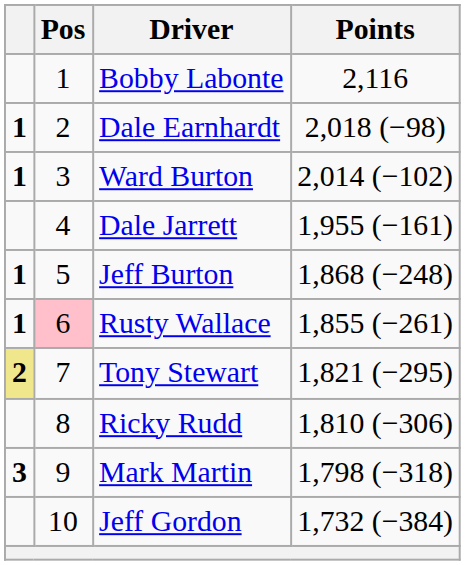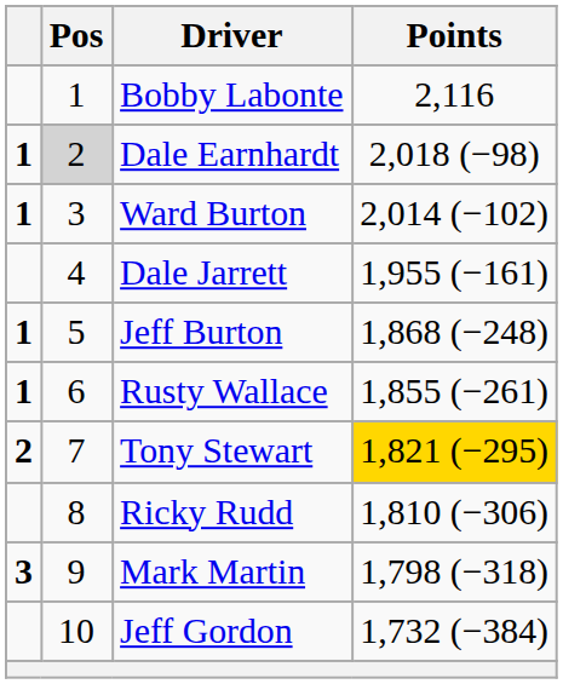 <table class="wikitable" style="font-size: 95%;">
 <tr>
 <th></th>
 <th>Pos</th>
 <th>Driver</th>
 <th>Points</th>
 </tr>
 <tr>
 <td align="left"></td>
 <td style="text-align:center;">1</td>
 <td><a href='#'>Bobby Labonte</a></td>
 <td style="text-align:center;">2,116</td>
 </tr>
 <tr>
 <td align="left">  <strong>1</strong></td>
-<td style="text-align:center;">2</td>
+<td style="background: lightgrey; text-align:center;">2</td>
 <td><a href='#'>Dale Earnhardt</a></td>
 <td style="text-align:center;">2,018 (−98)</td>
 </tr>
 <tr>
 <td align="left">  <strong>1</strong></td>
 <td style="text-align:center;">3</td>
 <td><a href='#'>Ward Burton</a></td>
 <td style="text-align:center;">2,014 (−102)</td>
 </tr>
 <tr>
 <td align="left"></td>
 <td style="text-align:center;">4</td>
 <td><a href='#'>Dale Jarrett</a></td>
 <td style="text-align:center;">1,955 (−161)</td>
 </tr>
 <tr>
 <td align="left">  <strong>1</strong></td>
 <td style="text-align:center;">5</td>
 <td><a href='#'>Jeff Burton</a></td>
 <td style="text-align:center;">1,868 (−248)</td>
 </tr>
 <tr>
 <td align="left">  <strong>1</strong></td>
-<td style="background: pink; text-align:center;">6</td>
+<td style="text-align:center;">6</td>
 <td><a href='#'>Rusty Wallace</a></td>
 <td style="text-align:center;">1,855 (−261)</td>
 </tr>
 <tr>
-<td align="left" style="background: khaki;">  <strong>2</strong></td>
+<td align="left">  <strong>2</strong></td>
 <td style="text-align:center;">7</td>
 <td><a href='#'>Tony Stewart</a></td>
-<td style="text-align:center;">1,821 (−295)</td>
+<td style="background: gold; text-align:center;">1,821 (−295)</td>
 </tr>
 <tr>
 <td align="left"></td>
 <td style="text-align:center;">8</td>
 <td><a href='#'>Ricky Rudd</a></td>
 <td style="text-align:center;">1,810 (−306)</td>
 </tr>
 <tr>
 <td align="left">  <strong>3</strong></td>
 <td style="text-align:center;">9</td>
 <td><a href='#'>Mark Martin</a></td>
 <td style="text-align:center;">1,798 (−318)</td>
 </tr>
 <tr>
 <td align="left"></td>
 <td style="text-align:center;">10</td>
 <td><a href='#'>Jeff Gordon</a></td>
 <td style="text-align:center;">1,732 (−384)</td>
 </tr>
 <tr class="sortbottom">
 <th colspan="9"></th>
 </tr>
 </table>
